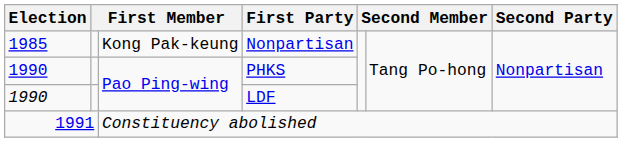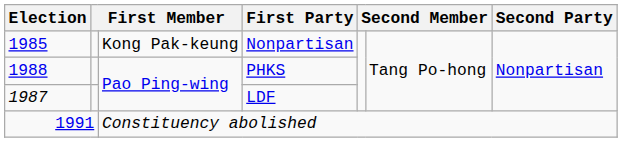 <table class="wikitable">
 <tr>
 <th>Election</th>
 <th colspan="2">First Member</th>
 <th>First Party</th>
 <th colspan="2">Second Member</th>
 <th>Second Party</th>
 </tr>
 <tr>
 <td><a href='#'>1985</a></td>
 <td style="background-color: "></td>
 <td>Kong Pak-keung</td>
 <td><a href='#'>Nonpartisan</a></td>
 <td rowspan=3 style="background-color: "></td>
 <td rowspan=3>Tang Po-hong</td>
 <td rowspan=3><a href='#'>Nonpartisan</a></td>
 </tr>
 <tr>
-<td><a href='#'>1990</a></td>
+<td><a href='#'>1988</a></td>
 <td style="background-color: "></td>
 <td rowspan=2><a href='#'>Pao Ping-wing</a></td>
 <td><a href='#'>PHKS</a></td>
 </tr>
 <tr>
-<td><em>1990</em></td>
+<td><em>1987</em></td>
 <td style="background-color: "></td>
 <td><a href='#'>LDF</a></td>
 </tr>
 <tr>
 <td colspan=2 align=right><a href='#'>1991</a></td>
 <td colspan=5><em>Constituency abolished</em></td>
 </tr>
 </table>
